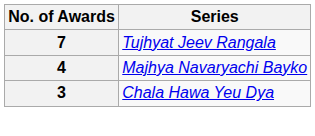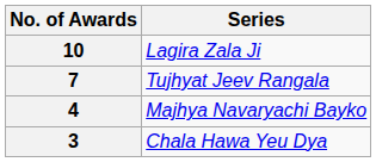 <table class="wikitable" style="display:inline-table;">
 <tr>
 <th>No. of Awards</th>
 <th>Series</th>
+</tr>
+<tr>
+<th>10</th>
+<td><em><a href='#'>Lagira Zala Ji</a></em></td>
 </tr>
 <tr>
 <th>7</th>
 <td><em><a href='#'>Tujhyat Jeev Rangala</a></em></td>
 </tr>
 <tr>
 <th>4</th>
 <td><em><a href='#'>Majhya Navaryachi Bayko</a></em></td>
 </tr>
 <tr>
 <th>3</th>
 <td><em><a href='#'>Chala Hawa Yeu Dya</a></em></td>
 </tr>
 </table>
